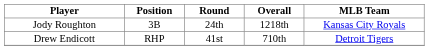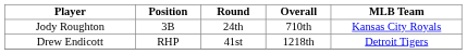 <table class="toccolours" border=1 style="text-align:center; border-collapse:collapse;">
 <tr>
 <th style="width:20%; ">Player</th>
 <th style="width:10%; ">Position</th>
 <th style="width:10%; ">Round</th>
 <th style="width:10%; ">Overall</th>
 <th style="width:20%; ">MLB Team</th>
 </tr>
 <tr>
 <td>Jody Roughton</td>
 <td>3B</td>
 <td>24th</td>
-<td>1218th</td>
+<td>710th</td>
 <td><a href='#'>Kansas City Royals</a></td>
 </tr>
 <tr>
 <td>Drew Endicott</td>
 <td>RHP</td>
 <td>41st</td>
-<td>710th</td>
+<td>1218th</td>
 <td><a href='#'>Detroit Tigers</a></td>
 </tr>
 <tr>
 </tr>
 </table>
